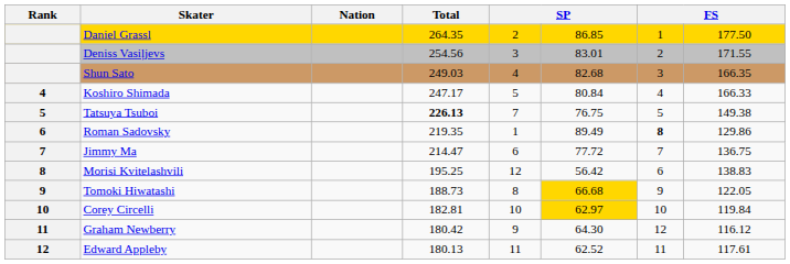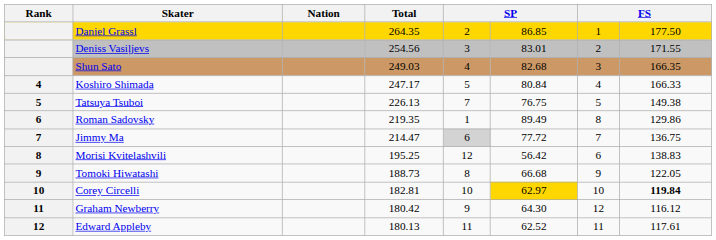 <table class="wikitable sortable" style="text-align:left; width:80%">
 <tr>
 <th scope="col">Rank</th>
 <th scope="col">Skater</th>
 <th scope="col">Nation</th>
 <th scope="col">Total</th>
 <th scope="col" colspan="2" width="80px"><a href='#'>SP</a></th>
 <th scope="col" colspan="2" width="80px"><a href='#'>FS</a></th>
 </tr>
 <tr bgcolor="gold">
 <th scope="row"></th>
 <td><a href='#'>Daniel Grassl</a></td>
 <td></td>
 <td align="center">264.35</td>
 <td align="center">2</td>
 <td align="center">86.85</td>
 <td align="center">1</td>
 <td align="center">177.50</td>
 </tr>
 <tr bgcolor="silver">
 <th scope="row"></th>
 <td><a href='#'>Deniss Vasiļjevs</a></td>
 <td></td>
 <td align="center">254.56</td>
 <td align="center">3</td>
 <td align="center">83.01</td>
 <td align="center">2</td>
 <td align="center">171.55</td>
 </tr>
 <tr bgcolor="cc9966">
 <th scope="row"></th>
 <td><a href='#'>Shun Sato</a></td>
 <td></td>
 <td align="center">249.03</td>
 <td align="center">4</td>
 <td align="center">82.68</td>
 <td align="center">3</td>
 <td align="center">166.35</td>
 </tr>
 <tr>
 <th scope="row">4</th>
 <td><a href='#'>Koshiro Shimada</a></td>
 <td></td>
 <td align="center">247.17</td>
 <td align="center">5</td>
 <td align="center">80.84</td>
 <td align="center">4</td>
 <td align="center">166.33</td>
 </tr>
 <tr>
 <th scope="row">5</th>
 <td><a href='#'>Tatsuya Tsuboi</a></td>
 <td></td>
-<td align="center"><strong>226.13</strong></td>
+<td align="center">226.13</td>
 <td align="center">7</td>
 <td align="center">76.75</td>
 <td align="center">5</td>
 <td align="center">149.38</td>
 </tr>
 <tr>
 <th scope="row">6</th>
 <td><a href='#'>Roman Sadovsky</a></td>
 <td></td>
 <td align="center">219.35</td>
 <td align="center">1</td>
 <td align="center">89.49</td>
-<td align="center"><strong>8</strong></td>
+<td align="center">8</td>
 <td align="center">129.86</td>
 </tr>
 <tr>
 <th scope="row">7</th>
 <td><a href='#'>Jimmy Ma</a></td>
 <td></td>
 <td align="center">214.47</td>
-<td align="center">6</td>
+<td align="center" style="background: lightgrey;">6</td>
 <td align="center">77.72</td>
 <td align="center">7</td>
 <td align="center">136.75</td>
 </tr>
 <tr>
 <th scope="row">8</th>
 <td><a href='#'>Morisi Kvitelashvili</a></td>
 <td></td>
 <td align="center">195.25</td>
 <td align="center">12</td>
 <td align="center">56.42</td>
 <td align="center">6</td>
 <td align="center">138.83</td>
 </tr>
 <tr>
 <th scope="row">9</th>
 <td><a href='#'>Tomoki Hiwatashi</a></td>
 <td></td>
 <td align="center">188.73</td>
 <td align="center">8</td>
-<td align="center" style="background: gold;">66.68</td>
+<td align="center">66.68</td>
 <td align="center">9</td>
 <td align="center">122.05</td>
 </tr>
 <tr>
 <th scope="row">10</th>
 <td><a href='#'>Corey Circelli</a></td>
 <td></td>
 <td align="center">182.81</td>
 <td align="center">10</td>
 <td align="center" style="background: gold;">62.97</td>
 <td align="center">10</td>
-<td align="center">119.84</td>
+<td align="center"><strong>119.84</strong></td>
 </tr>
 <tr>
 <th scope="row">11</th>
 <td><a href='#'>Graham Newberry</a></td>
 <td></td>
 <td align="center">180.42</td>
 <td align="center">9</td>
 <td align="center">64.30</td>
 <td align="center">12</td>
 <td align="center">116.12</td>
 </tr>
 <tr>
 <th scope="row">12</th>
 <td><a href='#'>Edward Appleby</a></td>
 <td></td>
 <td align="center">180.13</td>
 <td align="center">11</td>
 <td align="center">62.52</td>
 <td align="center">11</td>
 <td align="center">117.61</td>
 </tr>
 </table>
